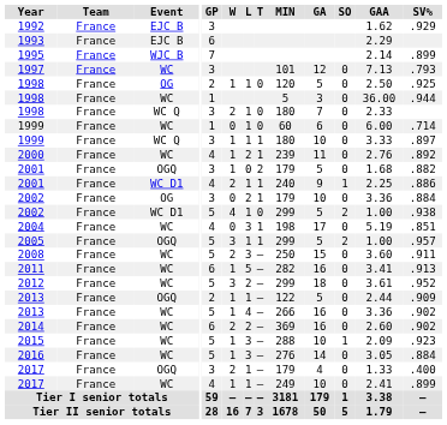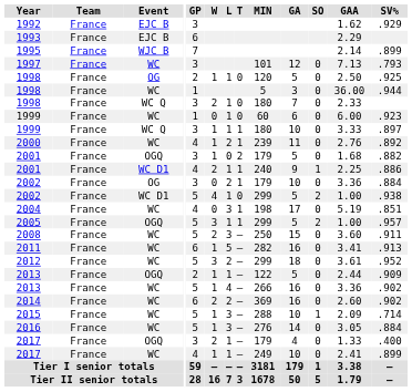 <table border="0" cellpadding="1" cellspacing="0" ID="Table3" style="text-align:center; width:40em">
 <tr ALIGN="center" bgcolor="#e0e0e0">
 <th>Year</th>
 <th>Team</th>
 <th>Event</th>
 <th rowspan="99" bgcolor="#ffffff"></th>
 <th>GP</th>
 <th>W</th>
 <th>L</th>
 <th>T</th>
 <th>MIN</th>
 <th>GA</th>
 <th>SO</th>
 <th>GAA</th>
 <th>SV%</th>
 </tr>
 <tr>
 <td><a href='#'>1992</a></td>
 <td><a href='#'>France</a></td>
 <td><a href='#'>EJC B</a></td>
 <td>3</td>
 <td></td>
 <td></td>
 <td></td>
 <td></td>
 <td></td>
 <td></td>
 <td>1.62</td>
 <td>.929</td>
 </tr>
 <tr bgcolor="#f0f0f0">
 <td><a href='#'>1993</a></td>
 <td>France</td>
 <td>EJC B</td>
 <td>6</td>
 <td></td>
 <td></td>
 <td></td>
 <td></td>
 <td></td>
 <td></td>
 <td>2.29</td>
 <td></td>
 </tr>
 <tr>
 <td><a href='#'>1995</a></td>
 <td><a href='#'>France</a></td>
 <td><a href='#'>WJC B</a></td>
 <td>7</td>
 <td></td>
 <td></td>
 <td></td>
 <td></td>
 <td></td>
 <td></td>
 <td>2.14</td>
 <td>.899</td>
 </tr>
 <tr bgcolor="#f0f0f0">
 <td><a href='#'>1997</a></td>
 <td><a href='#'>France</a></td>
 <td><a href='#'>WC</a></td>
 <td>3</td>
 <td></td>
 <td></td>
 <td></td>
 <td>101</td>
 <td>12</td>
 <td>0</td>
 <td>7.13</td>
 <td>.793</td>
 </tr>
 <tr>
 <td><a href='#'>1998</a></td>
 <td>France</td>
 <td><a href='#'>OG</a></td>
 <td>2</td>
 <td>1</td>
 <td>1</td>
 <td>0</td>
 <td>120</td>
 <td>5</td>
 <td>0</td>
 <td>2.50</td>
 <td>.925</td>
 </tr>
 <tr bgcolor="#f0f0f0">
 <td><a href='#'>1998</a></td>
 <td>France</td>
 <td>WC</td>
 <td>1</td>
 <td></td>
 <td></td>
 <td></td>
 <td>5</td>
 <td>3</td>
 <td>0</td>
 <td>36.00</td>
 <td>.944</td>
 </tr>
 <tr>
 <td><a href='#'>1998</a></td>
 <td>France</td>
 <td>WC Q</td>
 <td>3</td>
 <td>2</td>
 <td>1</td>
 <td>0</td>
 <td>180</td>
 <td>7</td>
 <td>0</td>
 <td>2.33</td>
 <td></td>
 </tr>
 <tr bgcolor="#f0f0f0">
 <td>1999</td>
 <td>France</td>
 <td>WC</td>
 <td>1</td>
 <td>0</td>
 <td>1</td>
 <td>0</td>
 <td>60</td>
 <td>6</td>
 <td>0</td>
 <td>6.00</td>
-<td>.714</td>
+<td>.923</td>
 </tr>
 <tr>
 <td><a href='#'>1999</a></td>
 <td>France</td>
 <td>WC Q</td>
 <td>3</td>
 <td>1</td>
 <td>1</td>
 <td>1</td>
 <td>180</td>
 <td>10</td>
 <td>0</td>
 <td>3.33</td>
 <td>.897</td>
 </tr>
 <tr bgcolor="#f0f0f0">
 <td><a href='#'>2000</a></td>
 <td>France</td>
 <td>WC</td>
 <td>4</td>
 <td>1</td>
 <td>2</td>
 <td>1</td>
 <td>239</td>
 <td>11</td>
 <td>0</td>
 <td>2.76</td>
 <td>.892</td>
 </tr>
 <tr>
 <td><a href='#'>2001</a></td>
 <td>France</td>
 <td>OGQ</td>
 <td>3</td>
 <td>1</td>
 <td>0</td>
 <td>2</td>
 <td>179</td>
 <td>5</td>
 <td>0</td>
 <td>1.68</td>
 <td>.882</td>
 </tr>
 <tr bgcolor="#f0f0f0">
 <td><a href='#'>2001</a></td>
 <td>France</td>
 <td><a href='#'>WC D1</a></td>
 <td>4</td>
 <td>2</td>
 <td>1</td>
 <td>1</td>
 <td>240</td>
 <td>9</td>
 <td>1</td>
 <td>2.25</td>
 <td>.886</td>
 </tr>
 <tr>
 <td><a href='#'>2002</a></td>
 <td>France</td>
 <td>OG</td>
 <td>3</td>
 <td>0</td>
 <td>2</td>
 <td>1</td>
 <td>179</td>
 <td>10</td>
 <td>0</td>
 <td>3.36</td>
 <td>.884</td>
 </tr>
 <tr bgcolor="#f0f0f0">
 <td><a href='#'>2002</a></td>
 <td>France</td>
 <td>WC D1</td>
 <td>5</td>
 <td>4</td>
 <td>1</td>
 <td>0</td>
 <td>299</td>
 <td>5</td>
 <td>2</td>
 <td>1.00</td>
 <td>.938</td>
 </tr>
 <tr>
 <td><a href='#'>2004</a></td>
 <td>France</td>
 <td>WC</td>
 <td>4</td>
 <td>0</td>
 <td>3</td>
 <td>1</td>
 <td>198</td>
 <td>17</td>
 <td>0</td>
 <td>5.19</td>
 <td>.851</td>
 </tr>
 <tr bgcolor="#f0f0f0">
 <td><a href='#'>2005</a></td>
 <td>France</td>
 <td>OGQ</td>
 <td>5</td>
 <td>3</td>
 <td>1</td>
 <td>1</td>
 <td>299</td>
 <td>5</td>
 <td>2</td>
 <td>1.00</td>
 <td>.957</td>
 </tr>
 <tr>
 <td><a href='#'>2008</a></td>
 <td>France</td>
 <td>WC</td>
 <td>5</td>
 <td>2</td>
 <td>3</td>
 <td>—</td>
 <td>250</td>
 <td>15</td>
 <td>0</td>
 <td>3.60</td>
 <td>.911</td>
 </tr>
 <tr bgcolor="#f0f0f0">
 <td><a href='#'>2011</a></td>
 <td>France</td>
 <td>WC</td>
 <td>6</td>
 <td>1</td>
 <td>5</td>
 <td>—</td>
 <td>282</td>
 <td>16</td>
 <td>0</td>
 <td>3.41</td>
 <td>.913</td>
 </tr>
 <tr>
 <td><a href='#'>2012</a></td>
 <td>France</td>
 <td>WC</td>
 <td>5</td>
 <td>3</td>
 <td>2</td>
 <td>—</td>
 <td>299</td>
 <td>18</td>
 <td>0</td>
 <td>3.61</td>
 <td>.952</td>
 </tr>
 <tr bgcolor="#f0f0f0">
 <td><a href='#'>2013</a></td>
 <td>France</td>
 <td>OGQ</td>
 <td>2</td>
 <td>1</td>
 <td>1</td>
 <td>—</td>
 <td>122</td>
 <td>5</td>
 <td>0</td>
 <td>2.44</td>
 <td>.909</td>
 </tr>
 <tr>
 <td><a href='#'>2013</a></td>
 <td>France</td>
 <td>WC</td>
 <td>5</td>
 <td>1</td>
 <td>4</td>
 <td>—</td>
 <td>266</td>
 <td>16</td>
 <td>0</td>
 <td>3.36</td>
 <td>.902</td>
 </tr>
 <tr bgcolor="#f0f0f0">
 <td><a href='#'>2014</a></td>
 <td>France</td>
 <td>WC</td>
 <td>6</td>
 <td>2</td>
 <td>2</td>
 <td>—</td>
 <td>369</td>
 <td>16</td>
 <td>0</td>
 <td>2.60</td>
 <td>.902</td>
 </tr>
 <tr>
 <td><a href='#'>2015</a></td>
 <td>France</td>
 <td>WC</td>
 <td>5</td>
 <td>1</td>
 <td>3</td>
 <td>—</td>
 <td>288</td>
 <td>10</td>
 <td>1</td>
 <td>2.09</td>
-<td>.923</td>
+<td>.714</td>
 </tr>
 <tr bgcolor="#f0f0f0">
 <td><a href='#'>2016</a></td>
 <td>France</td>
 <td>WC</td>
 <td>5</td>
 <td>1</td>
 <td>3</td>
 <td>—</td>
 <td>276</td>
 <td>14</td>
 <td>0</td>
 <td>3.05</td>
 <td>.884</td>
 </tr>
 <tr>
 <td><a href='#'>2017</a></td>
 <td>France</td>
 <td>OGQ</td>
 <td>3</td>
 <td>2</td>
 <td>1</td>
 <td>—</td>
 <td>179</td>
 <td>4</td>
 <td>0</td>
 <td>1.33</td>
 <td>.400</td>
 </tr>
 <tr bgcolor="#f0f0f0">
 <td><a href='#'>2017</a></td>
 <td>France</td>
 <td>WC</td>
 <td>4</td>
 <td>1</td>
 <td>1</td>
 <td>—</td>
 <td>249</td>
 <td>10</td>
 <td>0</td>
 <td>2.41</td>
 <td>.899</td>
 </tr>
 <tr bgcolor="#e0e0e0">
 <th colspan=3>Tier I senior totals</th>
 <th>59</th>
 <th>—</th>
 <th>—</th>
 <th>—</th>
 <th>3181</th>
 <th>179</th>
 <th>1</th>
 <th>3.38</th>
 <th>—</th>
 </tr>
 <tr bgcolor="#e0e0e0">
 <th colspan=3>Tier II senior totals</th>
 <th>28</th>
 <th>16</th>
 <th>7</th>
 <th>3</th>
 <th>1678</th>
 <th>50</th>
 <th>5</th>
 <th>1.79</th>
 <th>—</th>
 </tr>
 </table>
